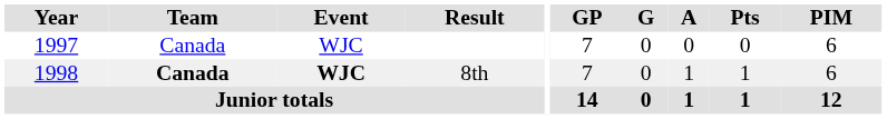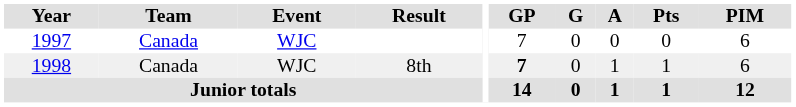 <table border="0" cellpadding="1" cellspacing="0" ID="Table3" style="text-align:center; width:40em">
 <tr ALIGN="center" bgcolor="#e0e0e0">
 <th>Year</th>
 <th>Team</th>
 <th>Event</th>
 <th>Result</th>
 <th rowspan="99" bgcolor="#ffffff"></th>
 <th>GP</th>
 <th>G</th>
 <th>A</th>
 <th>Pts</th>
 <th>PIM</th>
 </tr>
 <tr>
 <td><a href='#'>1997</a></td>
 <td><a href='#'>Canada</a></td>
 <td><a href='#'>WJC</a></td>
 <td></td>
 <td>7</td>
 <td>0</td>
 <td>0</td>
 <td>0</td>
 <td>6</td>
 </tr>
 <tr bgcolor="#f0f0f0">
 <td><a href='#'>1998</a></td>
-<td><strong>Canada</strong></td>
-<td><strong>WJC</strong></td>
+<td>Canada</td>
+<td>WJC</td>
 <td>8th</td>
-<td>7</td>
+<td><strong>7</strong></td>
 <td>0</td>
 <td>1</td>
 <td>1</td>
 <td>6</td>
 </tr>
 <tr bgcolor="#e0e0e0">
 <th colspan=4>Junior totals</th>
 <th>14</th>
 <th>0</th>
 <th>1</th>
 <th>1</th>
 <th>12</th>
 </tr>
 </table>
